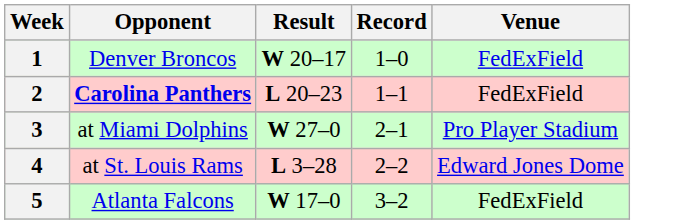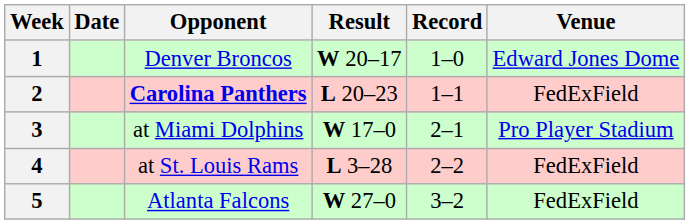 <table class="wikitable" style="text-align:center">
 <tr>
 <th>Week</th>
+<th>Date</th>
 <th>Opponent</th>
 <th>Result</th>
 <th>Record</th>
 <th>Venue</th>
 </tr>
 <tr style="background:#cfc;">
 <th>1</th>
+<td></td>
 <td><a href='#'>Denver Broncos</a></td>
 <td><strong>W</strong> 20–17</td>
 <td>1–0</td>
-<td><a href='#'>FedExField</a></td>
+<td><a href='#'>Edward Jones Dome</a></td>
 </tr>
 <tr style="background:#fcc;">
 <th>2</th>
+<td></td>
 <td><strong><a href='#'>Carolina Panthers</a></strong></td>
 <td><strong>L</strong> 20–23</td>
 <td>1–1</td>
 <td>FedExField</td>
 </tr>
 <tr style="background:#cfc;">
 <th>3</th>
+<td></td>
 <td>at <a href='#'>Miami Dolphins</a></td>
-<td><strong>W</strong> 27–0</td>
+<td><strong>W</strong> 17–0</td>
 <td>2–1</td>
 <td><a href='#'>Pro Player Stadium</a></td>
 </tr>
 <tr style="background:#fcc;">
 <th>4</th>
+<td></td>
 <td>at <a href='#'>St. Louis Rams</a></td>
 <td><strong>L</strong> 3–28</td>
 <td>2–2</td>
-<td><a href='#'>Edward Jones Dome</a></td>
+<td>FedExField</td>
 </tr>
 <tr style="background:#cfc;">
 <th>5</th>
+<td></td>
 <td><a href='#'>Atlanta Falcons</a></td>
-<td><strong>W</strong> 17–0</td>
+<td><strong>W</strong> 27–0</td>
 <td>3–2</td>
 <td>FedExField</td>
 </tr>
 </table>
